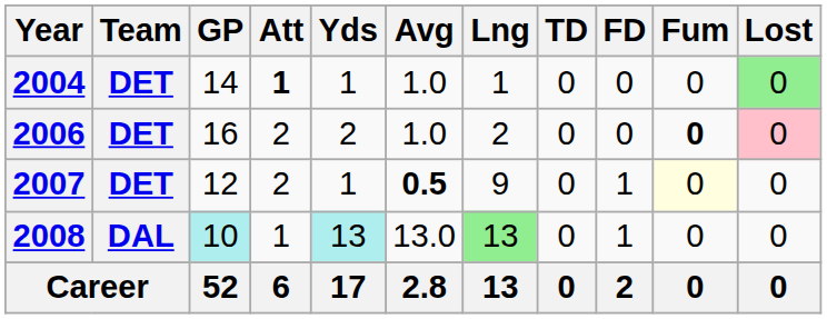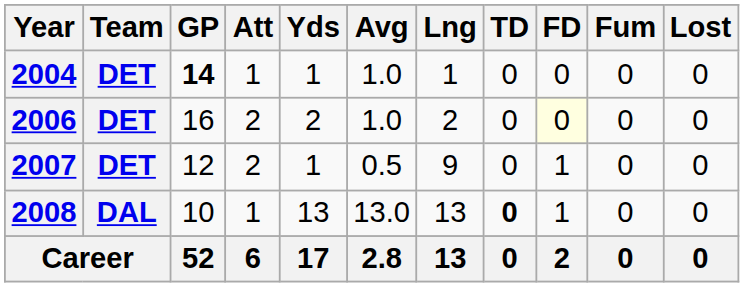 <table class="wikitable" style="text-align: center;">
 <tr>
 <th>Year</th>
 <th>Team</th>
 <th>GP</th>
 <th>Att</th>
 <th>Yds</th>
 <th>Avg</th>
 <th>Lng</th>
 <th>TD</th>
 <th>FD</th>
 <th>Fum</th>
 <th>Lost</th>
 </tr>
 <tr>
 <th><a href='#'>2004</a></th>
 <th><a href='#'>DET</a></th>
-<td>14</td>
-<td><strong>1</strong></td>
+<td><strong>14</strong></td>
+<td>1</td>
 <td>1</td>
 <td>1.0</td>
 <td>1</td>
 <td>0</td>
 <td>0</td>
 <td>0</td>
-<td style="background: lightgreen;">0</td>
+<td>0</td>
 </tr>
 <tr>
 <th><a href='#'>2006</a></th>
 <th><a href='#'>DET</a></th>
 <td>16</td>
 <td>2</td>
 <td>2</td>
 <td>1.0</td>
 <td>2</td>
 <td>0</td>
+<td style="background: lightyellow;">0</td>
 <td>0</td>
-<td><strong>0</strong></td>
-<td style="background: pink;">0</td>
+<td>0</td>
 </tr>
 <tr>
 <th><a href='#'>2007</a></th>
 <th><a href='#'>DET</a></th>
 <td>12</td>
 <td>2</td>
 <td>1</td>
-<td><strong>0.5</strong></td>
+<td>0.5</td>
 <td>9</td>
 <td>0</td>
 <td>1</td>
-<td style="background: lightyellow;">0</td>
+<td>0</td>
 <td>0</td>
 </tr>
 <tr>
 <th><a href='#'>2008</a></th>
 <th><a href='#'>DAL</a></th>
-<td style="background: paleturquoise;">10</td>
+<td>10</td>
 <td>1</td>
-<td style="background: paleturquoise;">13</td>
+<td>13</td>
 <td>13.0</td>
-<td style="background: lightgreen;">13</td>
-<td>0</td>
+<td>13</td>
+<td><strong>0</strong></td>
 <td>1</td>
 <td>0</td>
 <td>0</td>
 </tr>
 <tr>
 <th colspan="2">Career</th>
 <th>52</th>
 <th>6</th>
 <th>17</th>
 <th>2.8</th>
 <th>13</th>
 <th>0</th>
 <th>2</th>
 <th>0</th>
 <th>0</th>
 </tr>
 </table>
